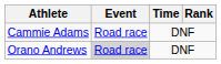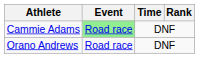 <table class=wikitable style="font-size:90%">
 <tr>
 <th>Athlete</th>
 <th>Event</th>
 <th>Time</th>
 <th>Rank</th>
 </tr>
 <tr align=center>
 <td align=left><a href='#'>Cammie Adams</a></td>
-<td align=left><a href='#'>Road race</a></td>
+<td align=left style="background: lightgreen;"><a href='#'>Road race</a></td>
 <td colspan=2>DNF</td>
 </tr>
 <tr align=center>
 <td align=left><a href='#'>Orano Andrews</a></td>
-<td align=left style="background: lightgrey;"><a href='#'>Road race</a></td>
+<td align=left><a href='#'>Road race</a></td>
 <td colspan=2>DNF</td>
 </tr>
 </table>
